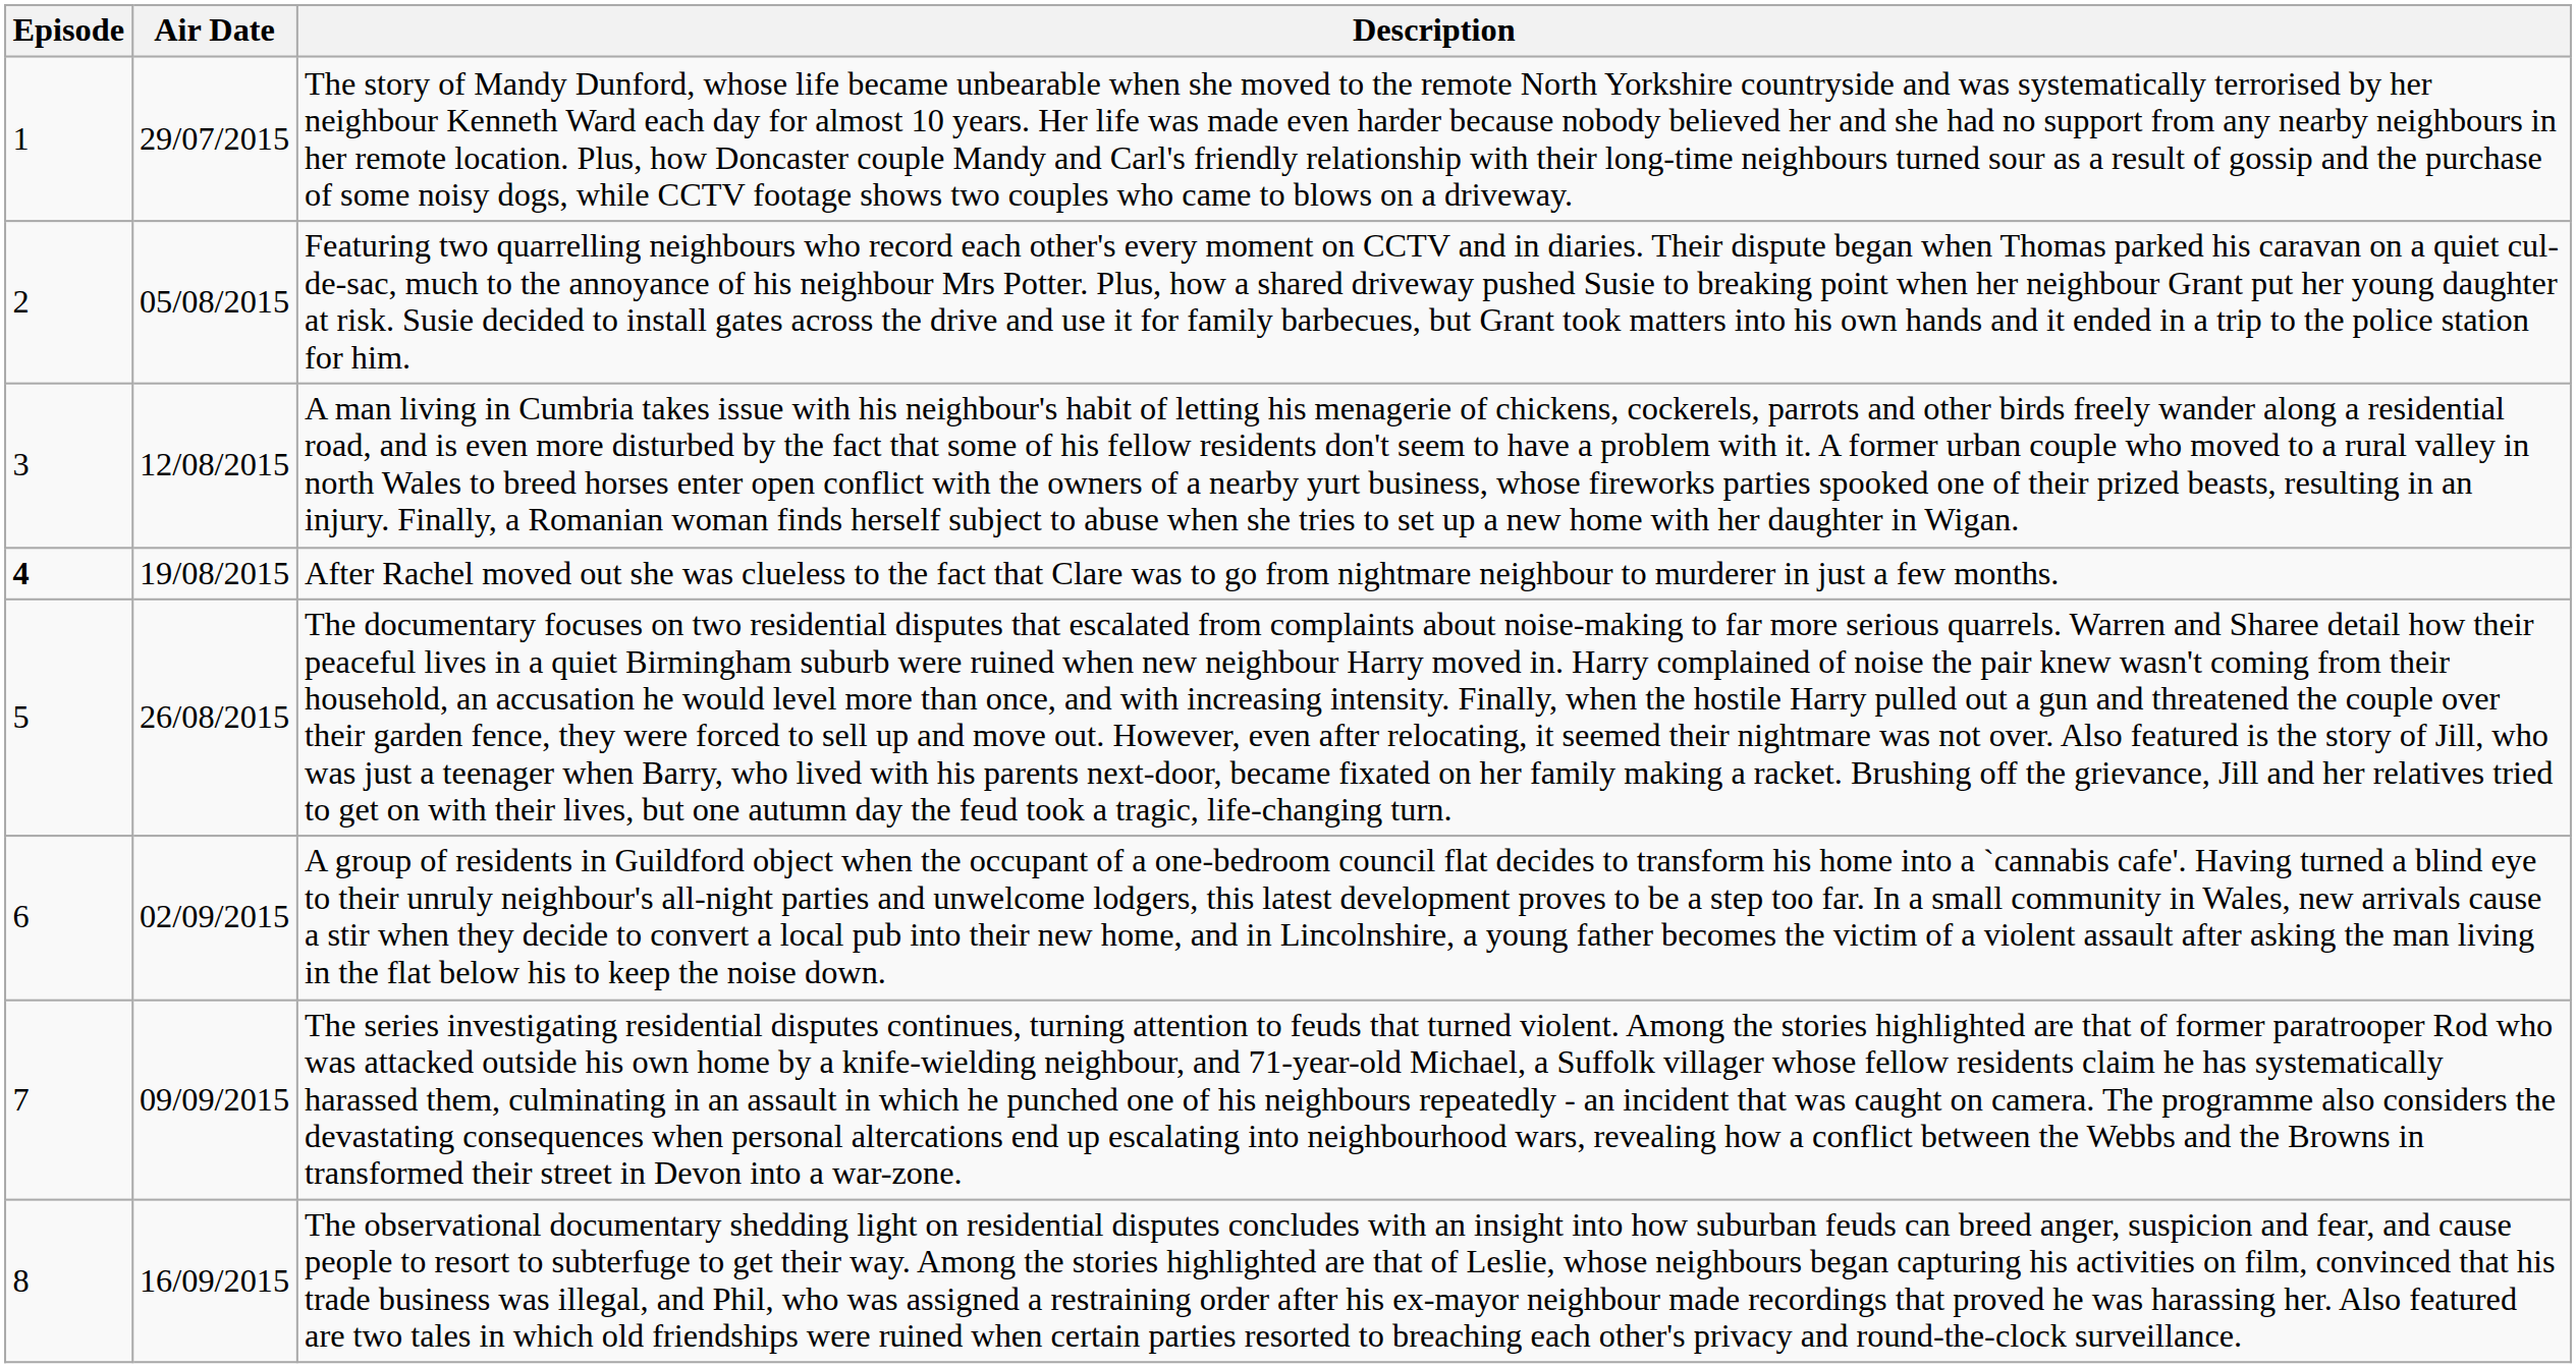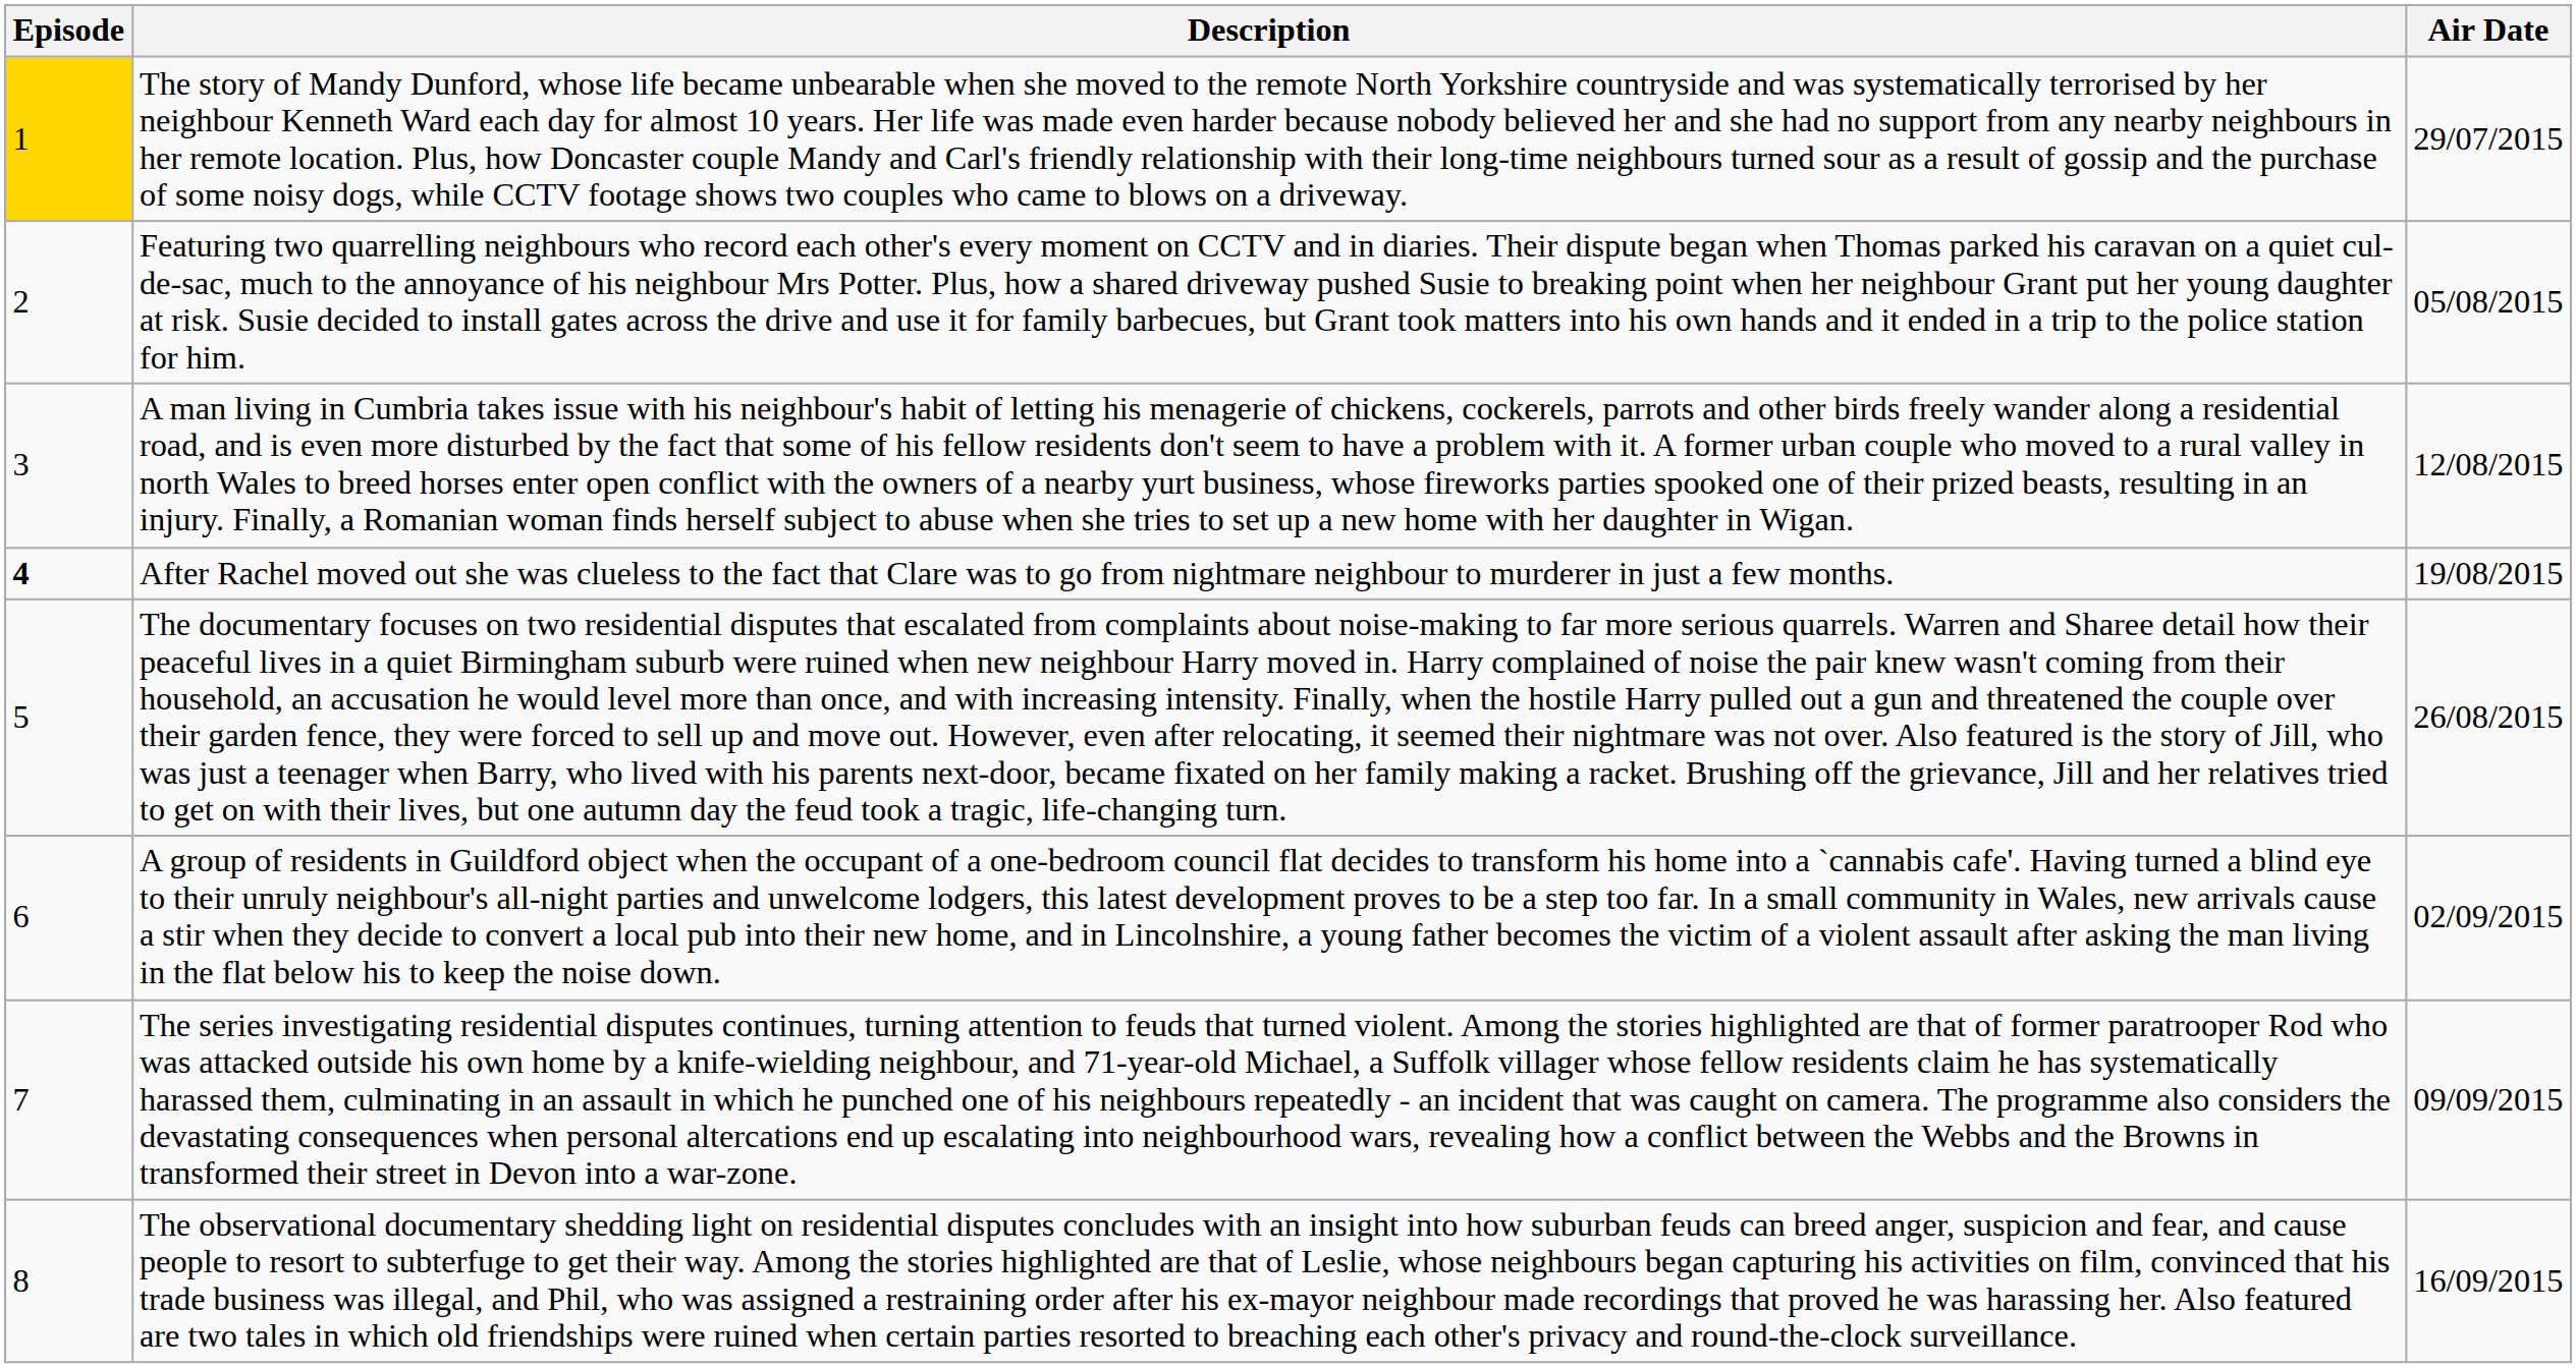 <table class="wikitable">
 <tr>
 <th>Episode</th>
+<th>Description</th>
 <th>Air Date</th>
-<th>Description</th>
 </tr>
 <tr>
-<td>1</td>
+<td style="background: gold;">1</td>
+<td>The story of Mandy Dunford, whose life became unbearable when she moved to the remote North Yorkshire countryside and was systematically terrorised by her neighbour Kenneth Ward each day for almost 10 years. Her life was made even harder because nobody believed her and she had no support from any nearby neighbours in her remote location. Plus, how Doncaster couple Mandy and Carl's friendly relationship with their long-time neighbours turned sour as a result of gossip and the purchase of some noisy dogs, while CCTV footage shows two couples who came to blows on a driveway.</td>
 <td>29/07/2015</td>
-<td>The story of Mandy Dunford, whose life became unbearable when she moved to the remote North Yorkshire countryside and was systematically terrorised by her neighbour Kenneth Ward each day for almost 10 years. Her life was made even harder because nobody believed her and she had no support from any nearby neighbours in her remote location. Plus, how Doncaster couple Mandy and Carl's friendly relationship with their long-time neighbours turned sour as a result of gossip and the purchase of some noisy dogs, while CCTV footage shows two couples who came to blows on a driveway.</td>
 </tr>
 <tr>
 <td>2</td>
+<td>Featuring two quarrelling neighbours who record each other's every moment on CCTV and in diaries. Their dispute began when Thomas parked his caravan on a quiet cul-de-sac, much to the annoyance of his neighbour Mrs Potter. Plus, how a shared driveway pushed Susie to breaking point when her neighbour Grant put her young daughter at risk. Susie decided to install gates across the drive and use it for family barbecues, but Grant took matters into his own hands and it ended in a trip to the police station for him.</td>
 <td>05/08/2015</td>
-<td>Featuring two quarrelling neighbours who record each other's every moment on CCTV and in diaries. Their dispute began when Thomas parked his caravan on a quiet cul-de-sac, much to the annoyance of his neighbour Mrs Potter. Plus, how a shared driveway pushed Susie to breaking point when her neighbour Grant put her young daughter at risk. Susie decided to install gates across the drive and use it for family barbecues, but Grant took matters into his own hands and it ended in a trip to the police station for him.</td>
 </tr>
 <tr>
 <td>3</td>
+<td>A man living in Cumbria takes issue with his neighbour's habit of letting his menagerie of chickens, cockerels, parrots and other birds freely wander along a residential road, and is even more disturbed by the fact that some of his fellow residents don't seem to have a problem with it. A former urban couple who moved to a rural valley in north Wales to breed horses enter open conflict with the owners of a nearby yurt business, whose fireworks parties spooked one of their prized beasts, resulting in an injury. Finally, a Romanian woman finds herself subject to abuse when she tries to set up a new home with her daughter in Wigan.</td>
 <td>12/08/2015</td>
-<td>A man living in Cumbria takes issue with his neighbour's habit of letting his menagerie of chickens, cockerels, parrots and other birds freely wander along a residential road, and is even more disturbed by the fact that some of his fellow residents don't seem to have a problem with it. A former urban couple who moved to a rural valley in north Wales to breed horses enter open conflict with the owners of a nearby yurt business, whose fireworks parties spooked one of their prized beasts, resulting in an injury. Finally, a Romanian woman finds herself subject to abuse when she tries to set up a new home with her daughter in Wigan.</td>
 </tr>
 <tr>
 <td><strong>4</strong></td>
+<td>After Rachel moved out she was clueless to the fact that Clare was to go from nightmare neighbour to murderer in just a few months.</td>
 <td>19/08/2015</td>
-<td>After Rachel moved out she was clueless to the fact that Clare was to go from nightmare neighbour to murderer in just a few months.</td>
 </tr>
 <tr>
 <td>5</td>
+<td>The documentary focuses on two residential disputes that escalated from complaints about noise-making to far more serious quarrels. Warren and Sharee detail how their peaceful lives in a quiet Birmingham suburb were ruined when new neighbour Harry moved in. Harry complained of noise the pair knew wasn't coming from their household, an accusation he would level more than once, and with increasing intensity. Finally, when the hostile Harry pulled out a gun and threatened the couple over their garden fence, they were forced to sell up and move out. However, even after relocating, it seemed their nightmare was not over. Also featured is the story of Jill, who was just a teenager when Barry, who lived with his parents next-door, became fixated on her family making a racket. Brushing off the grievance, Jill and her relatives tried to get on with their lives, but one autumn day the feud took a tragic, life-changing turn.</td>
 <td>26/08/2015</td>
-<td>The documentary focuses on two residential disputes that escalated from complaints about noise-making to far more serious quarrels. Warren and Sharee detail how their peaceful lives in a quiet Birmingham suburb were ruined when new neighbour Harry moved in. Harry complained of noise the pair knew wasn't coming from their household, an accusation he would level more than once, and with increasing intensity. Finally, when the hostile Harry pulled out a gun and threatened the couple over their garden fence, they were forced to sell up and move out. However, even after relocating, it seemed their nightmare was not over. Also featured is the story of Jill, who was just a teenager when Barry, who lived with his parents next-door, became fixated on her family making a racket. Brushing off the grievance, Jill and her relatives tried to get on with their lives, but one autumn day the feud took a tragic, life-changing turn.</td>
 </tr>
 <tr>
 <td>6</td>
+<td>A group of residents in Guildford object when the occupant of a one-bedroom council flat decides to transform his home into a `cannabis cafe'. Having turned a blind eye to their unruly neighbour's all-night parties and unwelcome lodgers, this latest development proves to be a step too far. In a small community in Wales, new arrivals cause a stir when they decide to convert a local pub into their new home, and in Lincolnshire, a young father becomes the victim of a violent assault after asking the man living in the flat below his to keep the noise down.</td>
 <td>02/09/2015</td>
-<td>A group of residents in Guildford object when the occupant of a one-bedroom council flat decides to transform his home into a `cannabis cafe'. Having turned a blind eye to their unruly neighbour's all-night parties and unwelcome lodgers, this latest development proves to be a step too far. In a small community in Wales, new arrivals cause a stir when they decide to convert a local pub into their new home, and in Lincolnshire, a young father becomes the victim of a violent assault after asking the man living in the flat below his to keep the noise down.</td>
 </tr>
 <tr>
 <td>7</td>
+<td>The series investigating residential disputes continues, turning attention to feuds that turned violent. Among the stories highlighted are that of former paratrooper Rod who was attacked outside his own home by a knife-wielding neighbour, and 71-year-old Michael, a Suffolk villager whose fellow residents claim he has systematically harassed them, culminating in an assault in which he punched one of his neighbours repeatedly - an incident that was caught on camera. The programme also considers the devastating consequences when personal altercations end up escalating into neighbourhood wars, revealing how a conflict between the Webbs and the Browns in transformed their street in Devon into a war-zone.</td>
 <td>09/09/2015</td>
-<td>The series investigating residential disputes continues, turning attention to feuds that turned violent. Among the stories highlighted are that of former paratrooper Rod who was attacked outside his own home by a knife-wielding neighbour, and 71-year-old Michael, a Suffolk villager whose fellow residents claim he has systematically harassed them, culminating in an assault in which he punched one of his neighbours repeatedly - an incident that was caught on camera. The programme also considers the devastating consequences when personal altercations end up escalating into neighbourhood wars, revealing how a conflict between the Webbs and the Browns in transformed their street in Devon into a war-zone.</td>
 </tr>
 <tr>
 <td>8</td>
+<td>The observational documentary shedding light on residential disputes concludes with an insight into how suburban feuds can breed anger, suspicion and fear, and cause people to resort to subterfuge to get their way. Among the stories highlighted are that of Leslie, whose neighbours began capturing his activities on film, convinced that his trade business was illegal, and Phil, who was assigned a restraining order after his ex-mayor neighbour made recordings that proved he was harassing her. Also featured are two tales in which old friendships were ruined when certain parties resorted to breaching each other's privacy and round-the-clock surveillance.</td>
 <td>16/09/2015</td>
-<td>The observational documentary shedding light on residential disputes concludes with an insight into how suburban feuds can breed anger, suspicion and fear, and cause people to resort to subterfuge to get their way. Among the stories highlighted are that of Leslie, whose neighbours began capturing his activities on film, convinced that his trade business was illegal, and Phil, who was assigned a restraining order after his ex-mayor neighbour made recordings that proved he was harassing her. Also featured are two tales in which old friendships were ruined when certain parties resorted to breaching each other's privacy and round-the-clock surveillance.</td>
 </tr>
 </table>
